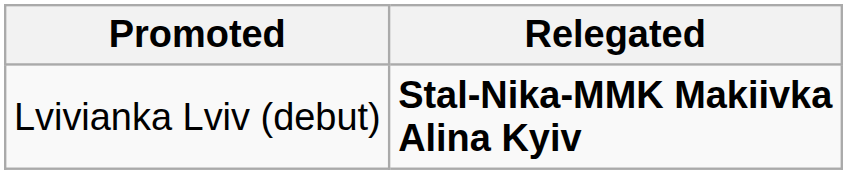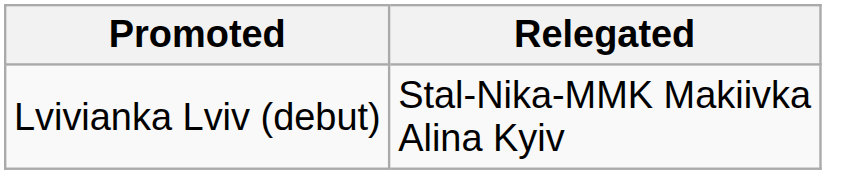 <table class="wikitable">
 <tr>
 <th>Promoted</th>
 <th>Relegated</th>
 </tr>
 <tr>
 <td>Lvivianka Lviv (debut)</td>
-<td><strong>Stal-Nika-MMK Makiivka <br>Alina Kyiv </strong></td>
+<td>Stal-Nika-MMK Makiivka <br>Alina Kyiv </td>
 </tr>
 </table>
